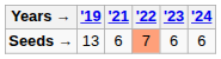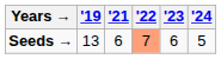 <table class="wikitable">
 <tr>
 <th>Years →</th>
 <th><a href='#'>'19</a></th>
 <th><a href='#'>'21</a></th>
 <th><a href='#'>'22</a></th>
 <th><a href='#'>'23</a></th>
 <th><a href='#'>'24</a></th>
 </tr>
 <tr align=center>
 <td style="text-align:left; "><strong>Seeds →</strong></td>
 <td>13</td>
 <td>6</td>
 <td style="background: lightsalmon;">7</td>
 <td>6</td>
-<td>6</td>
+<td>5</td>
 </tr>
 </table>
